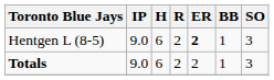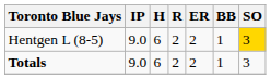 <table class="wikitable sortable">
 <tr>
 <th><strong>Toronto Blue Jays</strong></th>
 <th>IP</th>
 <th>H</th>
 <th>R</th>
 <th>ER</th>
 <th>BB</th>
 <th>SO</th>
 </tr>
 <tr>
 <td>Hentgen L (8-5)</td>
 <td>9.0</td>
 <td>6</td>
 <td>2</td>
-<td><strong>2</strong></td>
+<td>2</td>
 <td>1</td>
-<td>3</td>
+<td style="background: gold;">3</td>
 </tr>
 <tr>
 <td><strong>Totals</strong></td>
 <td>9.0</td>
 <td>6</td>
 <td>2</td>
 <td>2</td>
 <td>1</td>
 <td>3</td>
 </tr>
 <tr>
 </tr>
 </table>
